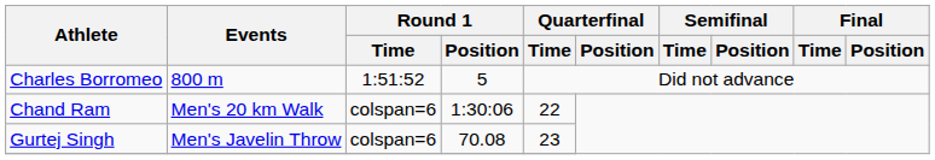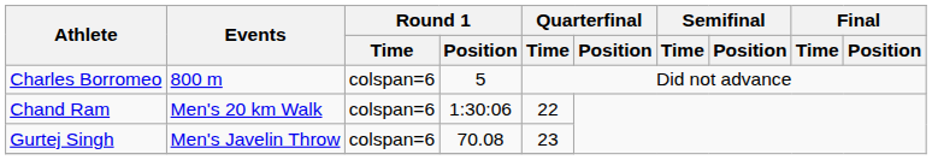 <table class=wikitable style="font-size:90%">
 <tr>
 <th rowspan="2">Athlete</th>
 <th rowspan="2">Events</th>
 <th colspan="2">Round 1</th>
 <th colspan="2">Quarterfinal</th>
 <th colspan="2">Semifinal</th>
 <th colspan="2">Final</th>
 </tr>
 <tr>
 <th>Time</th>
 <th>Position</th>
 <th>Time</th>
 <th>Position</th>
 <th>Time</th>
 <th>Position</th>
 <th>Time</th>
 <th>Position</th>
 </tr>
 <tr>
 <td><a href='#'>Charles Borromeo</a></td>
 <td><a href='#'>800 m</a></td>
-<td align=center>1:51:52</td>
+<td>colspan=6 </td>
 <td align=center>5</td>
 <td align=center colspan="8">Did not advance</td>
 </tr>
 <tr>
 <td><a href='#'>Chand Ram</a></td>
 <td><a href='#'>Men's 20 km Walk</a></td>
 <td>colspan=6 </td>
 <td align=center>1:30:06</td>
 <td align=center>22</td>
 </tr>
 <tr>
 <td><a href='#'>Gurtej Singh</a></td>
 <td><a href='#'>Men's Javelin Throw</a></td>
 <td>colspan=6 </td>
 <td align=center>70.08</td>
 <td align=center>23</td>
 </tr>
 <tr>
 </tr>
 </table>
